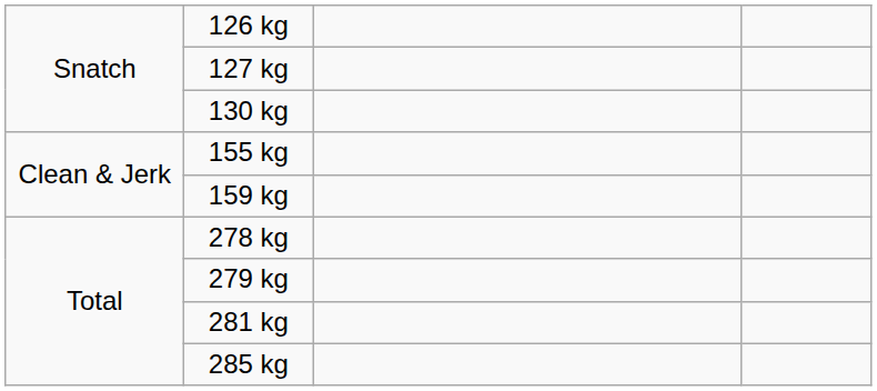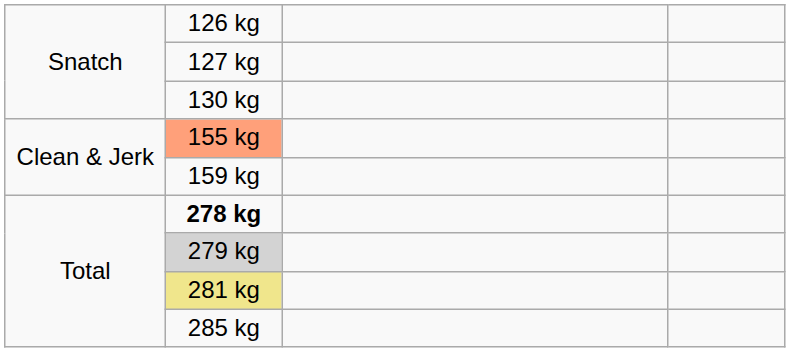 <table class = "wikitable" style="text-align:center;">
 <tr>
 <td width=100 rowspan=3>Snatch</td>
 <td width=70>126 kg</td>
 <td width=250 align=left></td>
 <td width=70></td>
 </tr>
 <tr>
 <td>127 kg</td>
 <td align=left></td>
 <td></td>
 </tr>
 <tr>
 <td>130 kg</td>
 <td align=left></td>
 <td></td>
 </tr>
 <tr>
 <td rowspan=2>Clean & Jerk</td>
-<td>155 kg</td>
+<td style="background: lightsalmon;">155 kg</td>
 <td align=left></td>
 <td></td>
 </tr>
 <tr>
 <td>159 kg</td>
 <td align=left></td>
 <td></td>
 </tr>
 <tr>
 <td rowspan=4>Total</td>
-<td>278 kg</td>
+<td><strong>278 kg</strong></td>
 <td align=left></td>
 <td></td>
 </tr>
 <tr>
-<td>279 kg</td>
+<td style="background: lightgrey;">279 kg</td>
 <td align=left></td>
 <td></td>
 </tr>
 <tr>
-<td>281 kg</td>
+<td style="background: khaki;">281 kg</td>
 <td align=left></td>
 <td></td>
 </tr>
 <tr>
 <td>285 kg</td>
 <td align=left></td>
 <td></td>
 </tr>
 </table>
